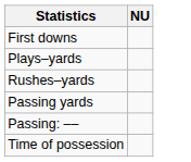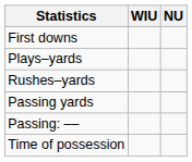 <table class="wikitable" style="float:left">
 <tr>
 <th>Statistics</th>
+<th>WIU</th>
 <th>NU</th>
 </tr>
 <tr>
 <td>First downs</td>
 <td></td>
+<td></td>
 </tr>
 <tr>
 <td>Plays–yards</td>
+<td></td>
 <td></td>
 </tr>
 <tr>
 <td>Rushes–yards</td>
 <td></td>
+<td></td>
 </tr>
 <tr>
 <td>Passing yards</td>
+<td></td>
 <td></td>
 </tr>
 <tr>
 <td>Passing: ––</td>
 <td></td>
+<td></td>
 </tr>
 <tr>
 <td>Time of possession</td>
 <td></td>
+<td></td>
 </tr>
 </table>
